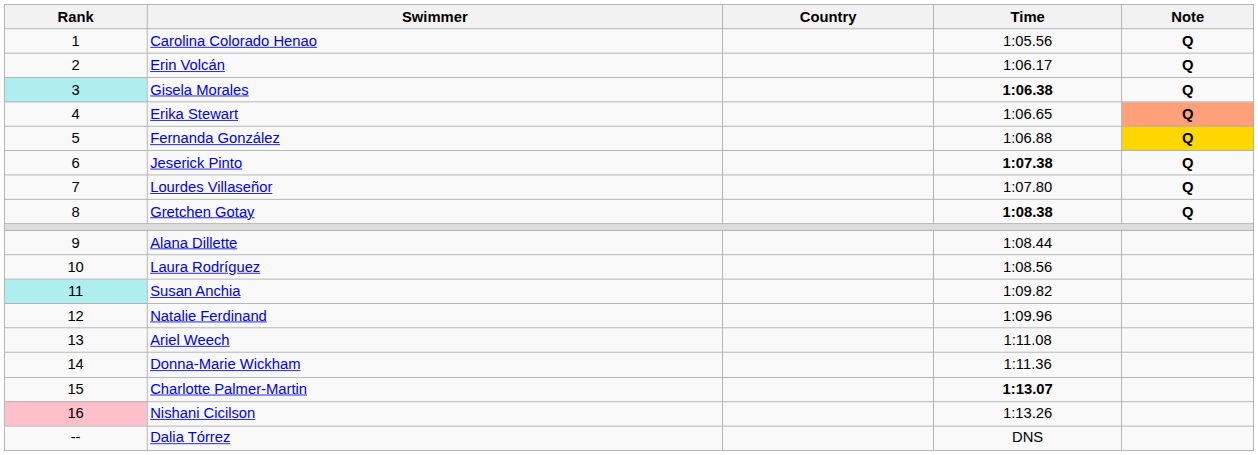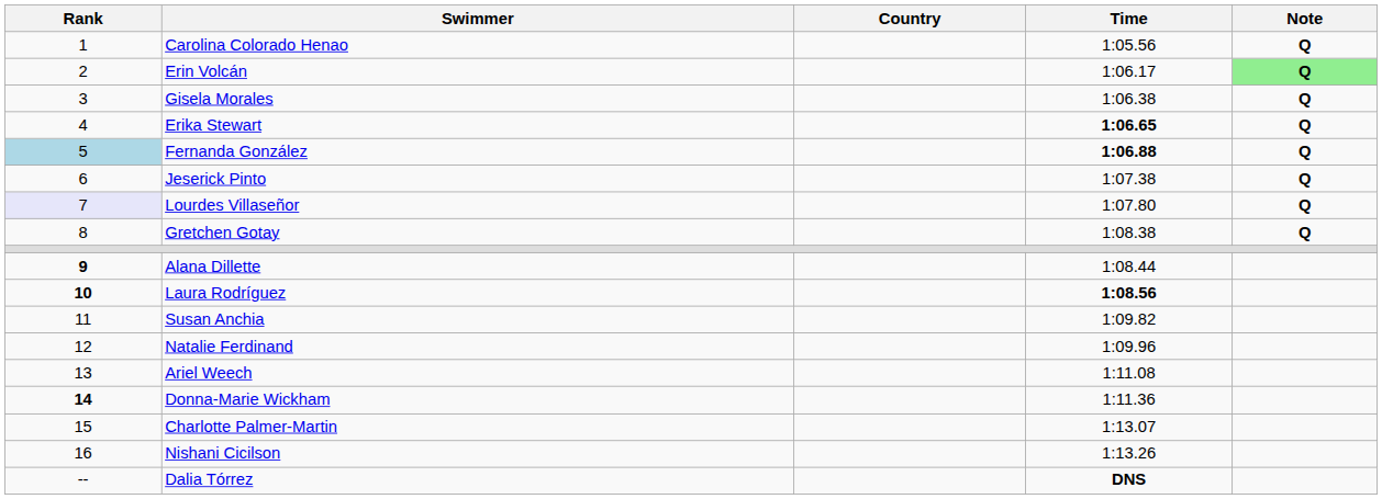 <table class="wikitable" style=" text-align:center; font-size:110%;" width="75%">
 <tr>
 <th>Rank</th>
 <th>Swimmer</th>
 <th>Country</th>
 <th>Time</th>
 <th>Note</th>
 </tr>
 <tr>
 <td>1</td>
 <td align=left><a href='#'>Carolina Colorado Henao</a></td>
 <td align=left></td>
 <td>1:05.56</td>
 <td><strong>Q</strong></td>
 </tr>
 <tr>
 <td>2</td>
 <td align=left><a href='#'>Erin Volcán</a></td>
 <td align=left></td>
 <td>1:06.17</td>
-<td><strong>Q</strong></td>
+<td style="background: lightgreen;"><strong>Q</strong></td>
 </tr>
 <tr>
-<td style="background: paleturquoise;">3</td>
+<td>3</td>
 <td align=left><a href='#'>Gisela Morales</a></td>
 <td align=left></td>
-<td><strong>1:06.38</strong></td>
+<td>1:06.38</td>
 <td><strong>Q</strong></td>
 </tr>
 <tr>
 <td>4</td>
 <td align=left><a href='#'>Erika Stewart</a></td>
 <td align=left></td>
-<td>1:06.65</td>
-<td style="background: lightsalmon;"><strong>Q</strong></td>
+<td><strong>1:06.65</strong></td>
+<td><strong>Q</strong></td>
 </tr>
 <tr>
-<td>5</td>
+<td style="background: lightblue;">5</td>
 <td align=left><a href='#'>Fernanda González</a></td>
 <td align=left></td>
-<td>1:06.88</td>
-<td style="background: gold;"><strong>Q</strong></td>
+<td><strong>1:06.88</strong></td>
+<td><strong>Q</strong></td>
 </tr>
 <tr>
 <td>6</td>
 <td align=left><a href='#'>Jeserick Pinto</a></td>
 <td align=left></td>
-<td><strong>1:07.38</strong></td>
+<td>1:07.38</td>
 <td><strong>Q</strong></td>
 </tr>
 <tr>
-<td>7</td>
+<td style="background: lavender;">7</td>
 <td align=left><a href='#'>Lourdes Villaseñor</a></td>
 <td align=left></td>
 <td>1:07.80</td>
 <td><strong>Q</strong></td>
 </tr>
 <tr>
 <td>8</td>
 <td align=left><a href='#'>Gretchen Gotay</a></td>
 <td align=left></td>
-<td><strong>1:08.38</strong></td>
+<td>1:08.38</td>
 <td><strong>Q</strong></td>
 </tr>
 <tr bgcolor=#DDDDDD>
 <td colspan=5></td>
 </tr>
 <tr>
-<td>9</td>
+<td><strong>9</strong></td>
 <td align=left><a href='#'>Alana Dillette</a></td>
 <td align=left></td>
 <td>1:08.44</td>
 <td></td>
 </tr>
 <tr>
-<td>10</td>
+<td><strong>10</strong></td>
 <td align=left><a href='#'>Laura Rodríguez</a></td>
 <td align=left></td>
-<td>1:08.56</td>
+<td><strong>1:08.56</strong></td>
 <td></td>
 </tr>
 <tr>
-<td style="background: paleturquoise;">11</td>
+<td>11</td>
 <td align=left><a href='#'>Susan Anchia</a></td>
 <td align=left></td>
 <td>1:09.82</td>
 <td></td>
 </tr>
 <tr>
 <td>12</td>
 <td align=left><a href='#'>Natalie Ferdinand</a></td>
 <td align=left></td>
 <td>1:09.96</td>
 <td></td>
 </tr>
 <tr>
 <td>13</td>
 <td align=left><a href='#'>Ariel Weech</a></td>
 <td align=left></td>
 <td>1:11.08</td>
 <td></td>
 </tr>
 <tr>
-<td>14</td>
+<td><strong>14</strong></td>
 <td align=left><a href='#'>Donna-Marie Wickham</a></td>
 <td align=left></td>
 <td>1:11.36</td>
 <td></td>
 </tr>
 <tr>
 <td>15</td>
 <td align=left><a href='#'>Charlotte Palmer-Martin</a></td>
 <td align=left></td>
-<td><strong>1:13.07</strong></td>
+<td>1:13.07</td>
 <td></td>
 </tr>
 <tr>
-<td style="background: pink;">16</td>
+<td>16</td>
 <td align=left><a href='#'>Nishani Cicilson</a></td>
 <td align=left></td>
 <td>1:13.26</td>
 <td></td>
 </tr>
 <tr>
 <td>--</td>
 <td align=left><a href='#'>Dalia Tórrez</a></td>
 <td align=left></td>
-<td>DNS</td>
+<td><strong>DNS</strong></td>
 <td></td>
 </tr>
 </table>
